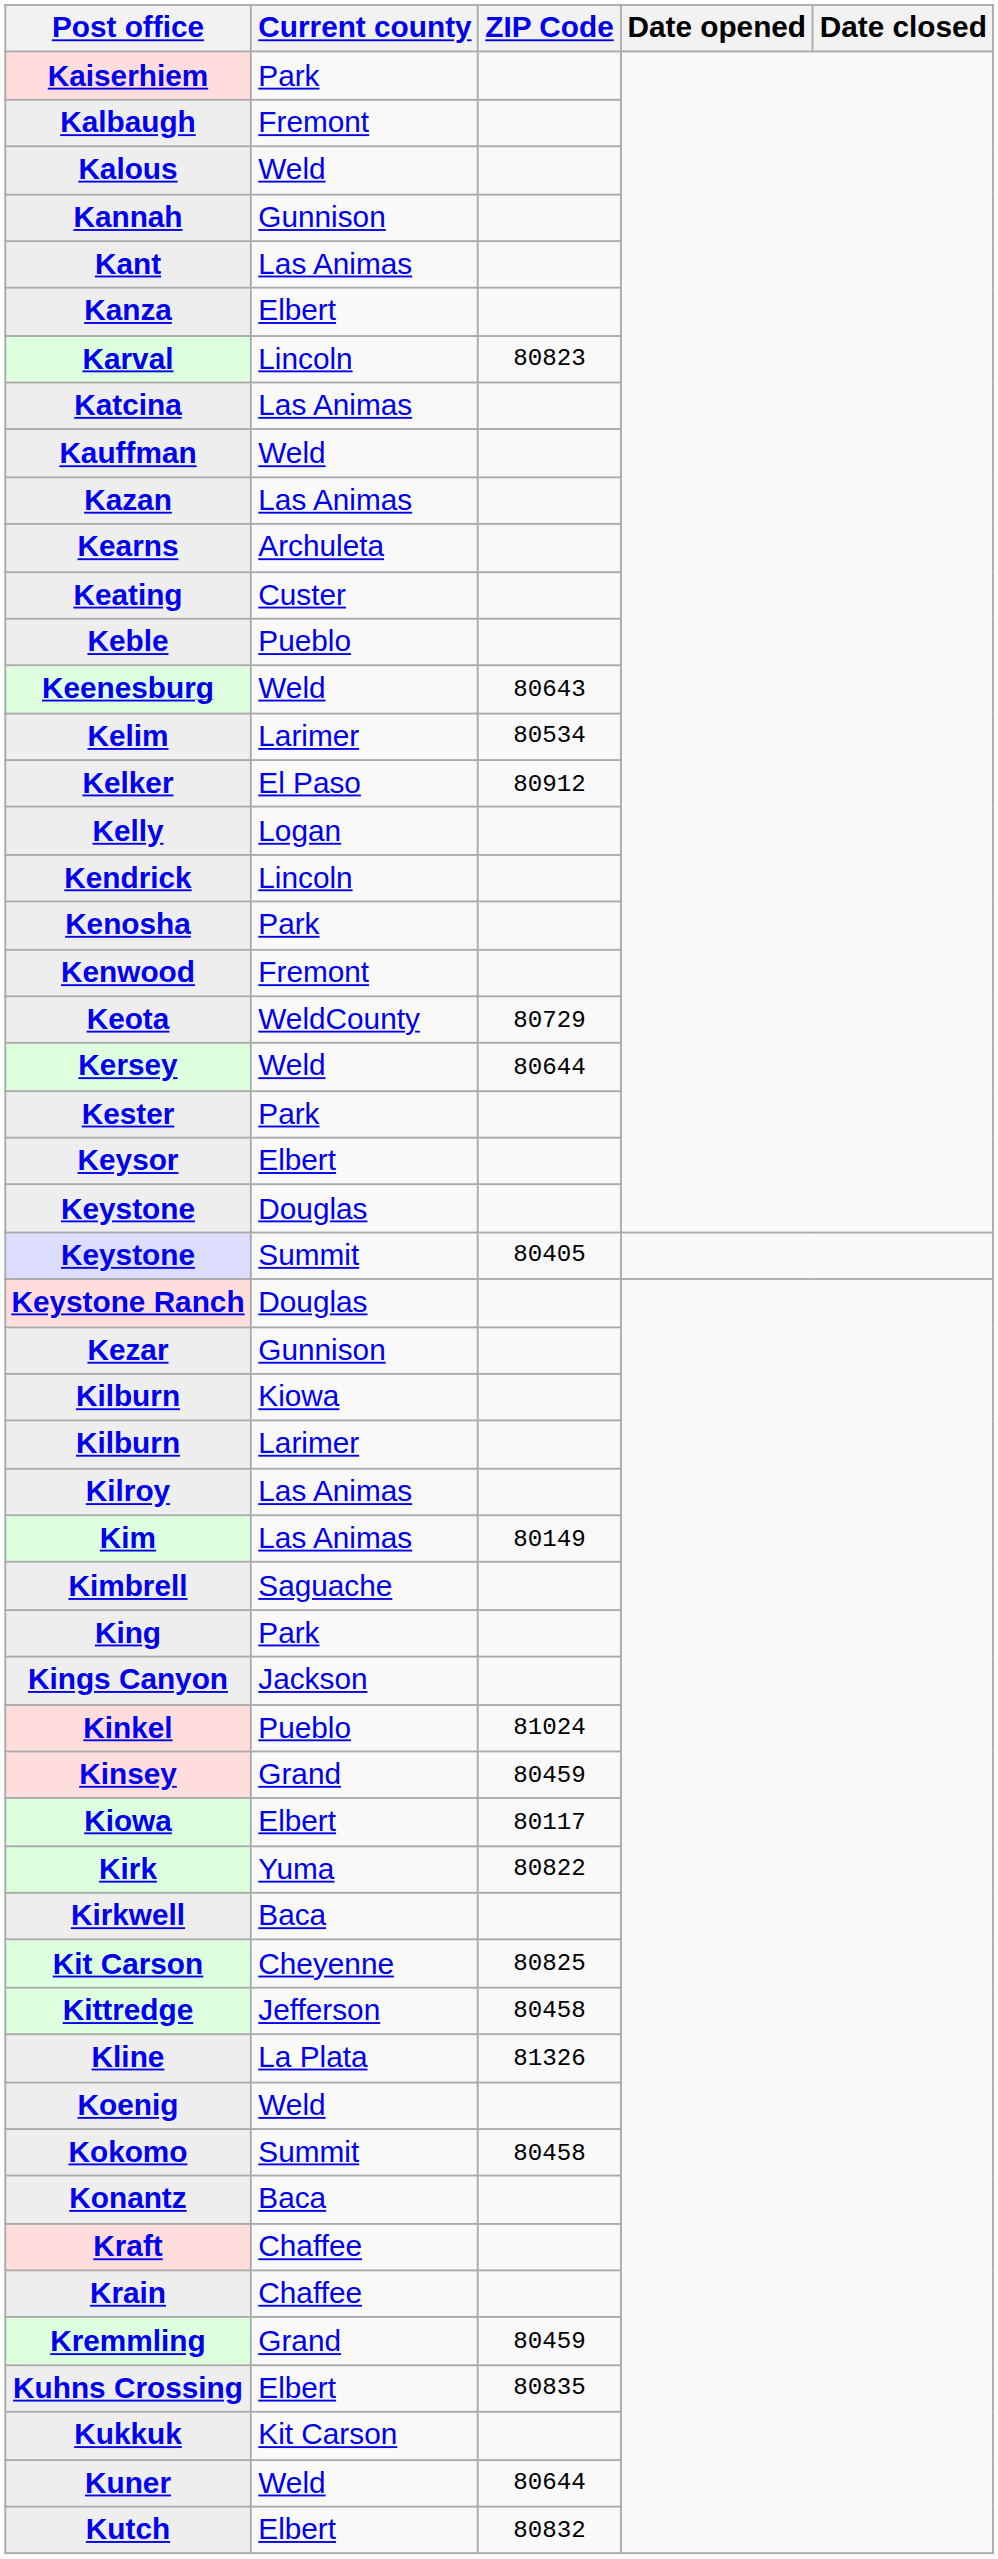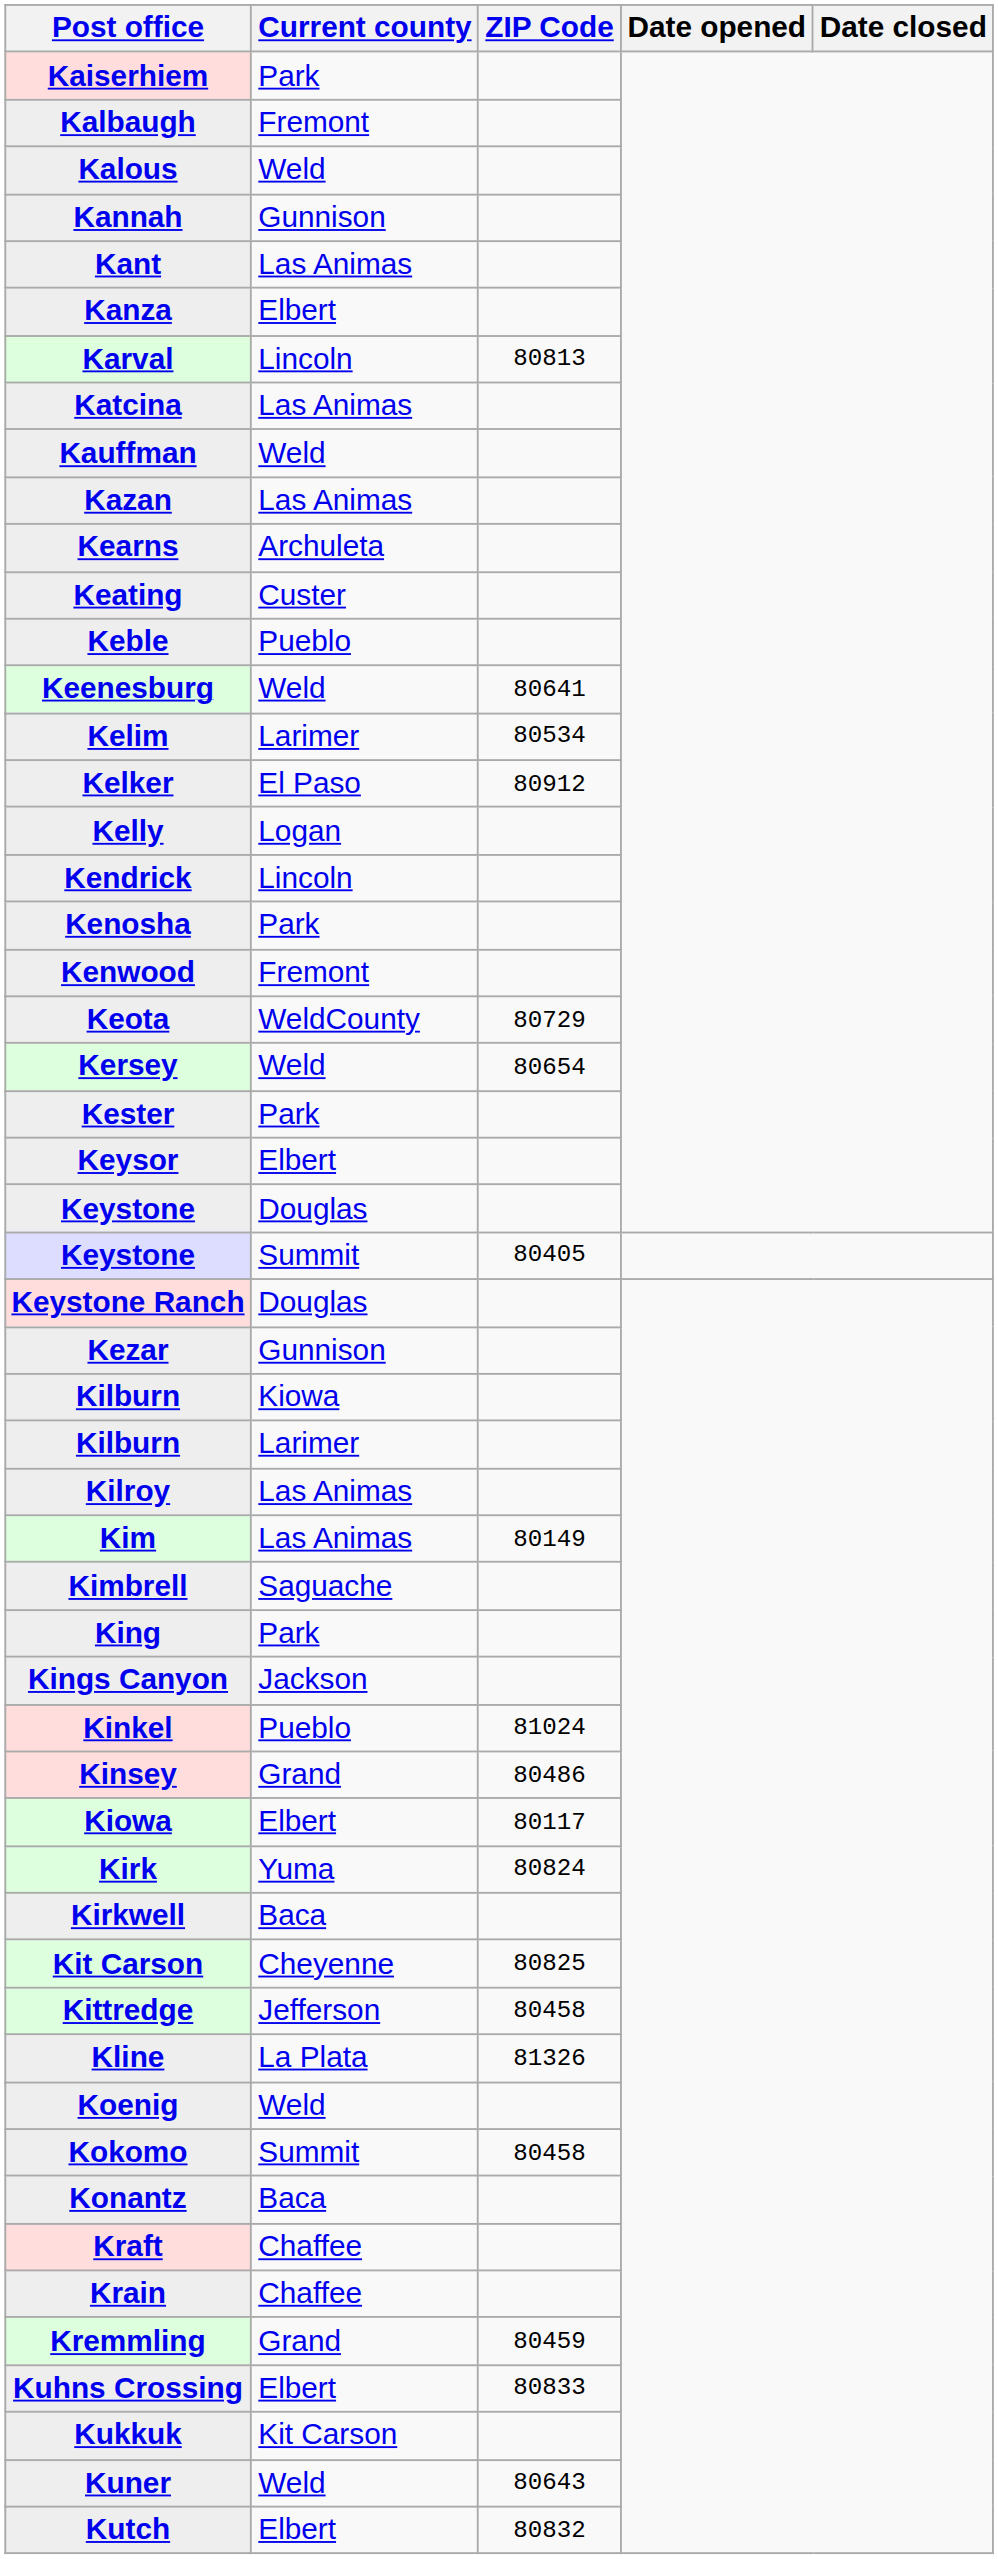 <table class="wikitable sortable  plainrowheaders" style="margin:auto;">
 <tr>
 <th scope=col><a href='#'>Post office</a></th>
 <th scope=col><a href='#'>Current county</a></th>
 <th scope=col><a href='#'>ZIP Code</a></th>
 <th scope=col>Date opened</th>
 <th scope=col>Date closed</th>
 </tr>
 <tr>
 <th scope=row rowspan=1 style="background-color:#FFDDDD;"><a href='#'>Kaiserhiem</a></th>
 <td rowspan=1><a href='#'>Park</a></td>
 <td rowspan=1 align=center style="font-family:monospace;"><br> </td>
 </tr>
 <tr>
 <th scope=row rowspan=1 style="background-color:#EEEEEE;"><a href='#'>Kalbaugh</a></th>
 <td rowspan=1><a href='#'>Fremont</a></td>
 <td rowspan=1 align=center style="font-family:monospace;"><br> </td>
 </tr>
 <tr>
 <th scope=row rowspan=1 style="background-color:#EEEEEE;"><a href='#'>Kalous</a></th>
 <td rowspan=1><a href='#'>Weld</a></td>
 <td rowspan=1 align=center style="font-family:monospace;"><br> </td>
 </tr>
 <tr>
 <th scope=row rowspan=1 style="background-color:#EEEEEE;"><a href='#'>Kannah</a></th>
 <td rowspan=1><a href='#'>Gunnison</a></td>
 <td rowspan=1 align=center style="font-family:monospace;"><br> </td>
 </tr>
 <tr>
 <th scope=row rowspan=1 style="background-color:#EEEEEE;"><a href='#'>Kant</a></th>
 <td rowspan=1><a href='#'>Las Animas</a></td>
 <td rowspan=1 align=center style="font-family:monospace;"><br> </td>
 </tr>
 <tr>
 <th scope=row rowspan=1 style="background-color:#EEEEEE;"><a href='#'>Kanza</a></th>
 <td rowspan=1><a href='#'>Elbert</a></td>
 <td rowspan=1 align=center style="font-family:monospace;"><br> </td>
 </tr>
 <tr>
 <th scope=row rowspan=1 style="background-color:#DDFFDD;"><a href='#'>Karval</a></th>
 <td rowspan=1><a href='#'>Lincoln</a></td>
-<td rowspan=1 align=center style="font-family:monospace;">80823<br> </td>
+<td rowspan=1 align=center style="font-family:monospace;">80813<br> </td>
 </tr>
 <tr>
 <th scope=row rowspan=1 style="background-color:#EEEEEE;"><a href='#'>Katcina</a></th>
 <td rowspan=1><a href='#'>Las Animas</a></td>
 <td rowspan=1 align=center style="font-family:monospace;"><br> </td>
 </tr>
 <tr>
 <th scope=row rowspan=1 style="background-color:#EEEEEE;"><a href='#'>Kauffman</a></th>
 <td rowspan=1><a href='#'>Weld</a></td>
 <td rowspan=1 align=center style="font-family:monospace;"><br> </td>
 </tr>
 <tr>
 <th scope=row rowspan=1 style="background-color:#EEEEEE;"><a href='#'>Kazan</a></th>
 <td rowspan=1><a href='#'>Las Animas</a></td>
 <td rowspan=1 align=center style="font-family:monospace;"><br> </td>
 </tr>
 <tr>
 <th scope=row rowspan=2 style="background-color:#EEEEEE;"><a href='#'>Kearns</a></th>
 <td rowspan=2><a href='#'>Archuleta</a></td>
 <td rowspan=2 align=center style="font-family:monospace;"><br> </td>
 </tr>
 <tr>
 </tr>
 <tr>
 <th scope=row rowspan=1 style="background-color:#EEEEEE;"><a href='#'>Keating</a></th>
 <td rowspan=1><a href='#'>Custer</a></td>
 <td rowspan=1 align=center style="font-family:monospace;"><br> </td>
 </tr>
 <tr>
 <th scope=row rowspan=1 style="background-color:#EEEEEE;"><a href='#'>Keble</a></th>
 <td rowspan=1><a href='#'>Pueblo</a></td>
 <td rowspan=1 align=center style="font-family:monospace;"><br> </td>
 </tr>
 <tr>
 <th scope=row rowspan=1 style="background-color:#DDFFDD;"><a href='#'>Keenesburg</a></th>
 <td rowspan=1><a href='#'>Weld</a></td>
-<td rowspan=1 align=center style="font-family:monospace;">80643<br> </td>
+<td rowspan=1 align=center style="font-family:monospace;">80641<br> </td>
 </tr>
 <tr>
 <th scope=row rowspan=2 style="background-color:#EEEEEE;"><a href='#'>Kelim</a></th>
 <td rowspan=2><a href='#'>Larimer</a></td>
 <td rowspan=2 align=center style="font-family:monospace;">80534<br> </td>
 </tr>
 <tr>
 </tr>
 <tr>
 <th scope=row rowspan=1 style="background-color:#EEEEEE;"><a href='#'>Kelker</a></th>
 <td rowspan=1><a href='#'>El Paso</a></td>
 <td rowspan=1 align=center style="font-family:monospace;">80912<br> </td>
 </tr>
 <tr>
 <th scope=row rowspan=2 style="background-color:#EEEEEE;"><a href='#'>Kelly</a></th>
 <td rowspan=2><a href='#'>Logan</a></td>
 <td rowspan=2 align=center style="font-family:monospace;"><br> </td>
 </tr>
 <tr>
 </tr>
 <tr>
 <th scope=row rowspan=1 style="background-color:#EEEEEE;"><a href='#'>Kendrick</a></th>
 <td rowspan=1><a href='#'>Lincoln</a></td>
 <td rowspan=1 align=center style="font-family:monospace;"><br> </td>
 </tr>
 <tr>
 <th scope=row rowspan=1 style="background-color:#EEEEEE;"><a href='#'>Kenosha</a></th>
 <td rowspan=1><a href='#'>Park</a></td>
 <td rowspan=1 align=center style="font-family:monospace;"><br> </td>
 </tr>
 <tr>
 <th scope=row rowspan=1 style="background-color:#EEEEEE;"><a href='#'>Kenwood</a></th>
 <td rowspan=1><a href='#'>Fremont</a></td>
 <td rowspan=1 align=center style="font-family:monospace;"><br> </td>
 </tr>
 <tr>
 <th scope=row rowspan=2 style="background-color:#EEEEEE;"><a href='#'>Keota</a></th>
 <td rowspan=2><a href='#'>WeldCounty</a></td>
 <td rowspan=2 align=center style="font-family:monospace;">80729<br> </td>
 </tr>
 <tr>
 </tr>
 <tr>
 <th scope=row rowspan=1 style="background-color:#DDFFDD;"><a href='#'>Kersey</a></th>
 <td rowspan=1><a href='#'>Weld</a></td>
-<td rowspan=1 align=center style="font-family:monospace;">80644<br> </td>
+<td rowspan=1 align=center style="font-family:monospace;">80654<br> </td>
 </tr>
 <tr>
 <th scope=row rowspan=2 style="background-color:#EEEEEE;"><a href='#'>Kester</a></th>
 <td rowspan=2><a href='#'>Park</a></td>
 <td rowspan=2 align=center style="font-family:monospace;"><br> </td>
 </tr>
 <tr>
 </tr>
 <tr>
 <th scope=row rowspan=1 style="background-color:#EEEEEE;"><a href='#'>Keysor</a></th>
 <td rowspan=1><a href='#'>Elbert</a></td>
 <td rowspan=1 align=center style="font-family:monospace;"><br> </td>
 </tr>
 <tr>
 <th scope=row rowspan=1 style="background-color:#EEEEEE;"><a href='#'>Keystone</a></th>
 <td rowspan=1><a href='#'>Douglas</a></td>
 <td rowspan=1 align=center style="font-family:monospace;"><br> </td>
 </tr>
 <tr>
 <th scope=row rowspan=1 style="background-color:#DDDDFF;"><a href='#'>Keystone</a></th>
 <td rowspan=1><a href='#'>Summit</a></td>
 <td rowspan=1 align=center style="font-family:monospace;">80405</td>
 <td colspan=2></td>
 </tr>
 <tr>
 <th scope=row rowspan=1 style="background-color:#FFDDDD;"><a href='#'>Keystone Ranch</a></th>
 <td rowspan=1><a href='#'>Douglas</a></td>
 <td rowspan=1 align=center style="font-family:monospace;"><br> </td>
 </tr>
 <tr>
 <th scope=row rowspan=1 style="background-color:#EEEEEE;"><a href='#'>Kezar</a></th>
 <td rowspan=1><a href='#'>Gunnison</a></td>
 <td rowspan=1 align=center style="font-family:monospace;"><br> </td>
 </tr>
 <tr>
 <th scope=row rowspan=1 style="background-color:#EEEEEE;"><a href='#'>Kilburn</a></th>
 <td rowspan=1><a href='#'>Kiowa</a></td>
 <td rowspan=1 align=center style="font-family:monospace;"><br> </td>
 </tr>
 <tr>
 <th scope=row rowspan=1 style="background-color:#EEEEEE;"><a href='#'>Kilburn</a></th>
 <td rowspan=1><a href='#'>Larimer</a></td>
 <td rowspan=1 align=center style="font-family:monospace;"><br> </td>
 </tr>
 <tr>
 <th scope=row rowspan=1 style="background-color:#EEEEEE;"><a href='#'>Kilroy</a></th>
 <td rowspan=1><a href='#'>Las Animas</a></td>
 <td rowspan=1 align=center style="font-family:monospace;"><br> </td>
 </tr>
 <tr>
 <th scope=row rowspan=1 style="background-color:#DDFFDD;"><a href='#'>Kim</a></th>
 <td rowspan=1><a href='#'>Las Animas</a></td>
 <td rowspan=1 align=center style="font-family:monospace;">80149<br> </td>
 </tr>
 <tr>
 <th scope=row rowspan=1 style="background-color:#EEEEEE;"><a href='#'>Kimbrell</a></th>
 <td rowspan=1><a href='#'>Saguache</a></td>
 <td rowspan=1 align=center style="font-family:monospace;"><br> </td>
 </tr>
 <tr>
 <th scope=row rowspan=1 style="background-color:#EEEEEE;"><a href='#'>King</a></th>
 <td rowspan=1><a href='#'>Park</a></td>
 <td rowspan=1 align=center style="font-family:monospace;"><br> </td>
 </tr>
 <tr>
 <th scope=row rowspan=1 style="background-color:#EEEEEE;"><a href='#'>Kings Canyon</a></th>
 <td rowspan=1><a href='#'>Jackson</a></td>
 <td rowspan=1 align=center style="font-family:monospace;"><br> </td>
 </tr>
 <tr>
 <th scope=row rowspan=1 style="background-color:#FFDDDD;"><a href='#'>Kinkel</a></th>
 <td rowspan=1><a href='#'>Pueblo</a></td>
 <td rowspan=1 align=center style="font-family:monospace;">81024<br> </td>
 </tr>
 <tr>
 <th scope=row rowspan=1 style="background-color:#FFDDDD;"><a href='#'>Kinsey</a></th>
 <td rowspan=1><a href='#'>Grand</a></td>
-<td rowspan=1 align=center style="font-family:monospace;">80459<br> </td>
+<td rowspan=1 align=center style="font-family:monospace;">80486<br> </td>
 </tr>
 <tr>
 <th scope=row rowspan=1 style="background-color:#DDFFDD;"><a href='#'>Kiowa</a></th>
 <td rowspan=1><a href='#'>Elbert</a></td>
 <td rowspan=1 align=center style="font-family:monospace;">80117<br> </td>
 </tr>
 <tr>
 <th scope=row rowspan=1 style="background-color:#DDFFDD;"><a href='#'>Kirk</a></th>
 <td rowspan=1><a href='#'>Yuma</a></td>
-<td rowspan=1 align=center style="font-family:monospace;">80822<br> </td>
+<td rowspan=1 align=center style="font-family:monospace;">80824<br> </td>
 </tr>
 <tr>
 <th scope=row rowspan=1 style="background-color:#EEEEEE;"><a href='#'>Kirkwell</a></th>
 <td rowspan=1><a href='#'>Baca</a></td>
 <td rowspan=1 align=center style="font-family:monospace;"><br> </td>
 </tr>
 <tr>
 <th scope=row rowspan=2 style="background-color:#DDFFDD;"><a href='#'>Kit Carson</a></th>
 <td rowspan=2><a href='#'>Cheyenne</a></td>
 <td rowspan=2 align=center style="font-family:monospace;">80825<br> </td>
 </tr>
 <tr>
 </tr>
 <tr>
 <th scope=row rowspan=1 style="background-color:#DDFFDD;"><a href='#'>Kittredge</a></th>
 <td rowspan=1><a href='#'>Jefferson</a></td>
 <td rowspan=1 align=center style="font-family:monospace;">80458<br> </td>
 </tr>
 <tr>
 <th scope=row rowspan=1 style="background-color:#EEEEEE;"><a href='#'>Kline</a></th>
 <td rowspan=1><a href='#'>La Plata</a></td>
 <td rowspan=1 align=center style="font-family:monospace;">81326<br> </td>
 </tr>
 <tr>
 <th scope=row rowspan=2 style="background-color:#EEEEEE;"><a href='#'>Koenig</a></th>
 <td rowspan=2><a href='#'>Weld</a></td>
 <td rowspan=2 align=center style="font-family:monospace;"><br> </td>
 </tr>
 <tr>
 </tr>
 <tr>
 <th scope=row rowspan=1 style="background-color:#EEEEEE;"><a href='#'>Kokomo</a></th>
 <td rowspan=1><a href='#'>Summit</a></td>
 <td rowspan=1 align=center style="font-family:monospace;">80458<br> </td>
 </tr>
 <tr>
 <th scope=row rowspan=2 style="background-color:#EEEEEE;"><a href='#'>Konantz</a></th>
 <td rowspan=2><a href='#'>Baca</a></td>
 <td rowspan=2 align=center style="font-family:monospace;"><br> </td>
 </tr>
 <tr>
 </tr>
 <tr>
 <th scope=row rowspan=1 style="background-color:#FFDDDD;"><a href='#'>Kraft</a></th>
 <td rowspan=1><a href='#'>Chaffee</a></td>
 <td rowspan=1 align=center style="font-family:monospace;"><br> </td>
 </tr>
 <tr>
 <th scope=row rowspan=1 style="background-color:#EEEEEE;"><a href='#'>Krain</a></th>
 <td rowspan=1><a href='#'>Chaffee</a></td>
 <td rowspan=1 align=center style="font-family:monospace;"><br> </td>
 </tr>
 <tr>
 <th scope=row rowspan=2 style="background-color:#DDFFDD;"><a href='#'>Kremmling</a></th>
 <td rowspan=2><a href='#'>Grand</a></td>
 <td rowspan=2 align=center style="font-family:monospace;">80459<br> </td>
 </tr>
 <tr>
 </tr>
 <tr>
 <th scope=row rowspan=1 style="background-color:#EEEEEE;"><a href='#'>Kuhns Crossing</a></th>
 <td rowspan=1><a href='#'>Elbert</a></td>
-<td rowspan=1 align=center style="font-family:monospace;">80835<br> </td>
+<td rowspan=1 align=center style="font-family:monospace;">80833<br> </td>
 </tr>
 <tr>
 <th scope=row rowspan=1 style="background-color:#EEEEEE;"><a href='#'>Kukkuk</a></th>
 <td rowspan=1><a href='#'>Kit Carson</a></td>
 <td rowspan=1 align=center style="font-family:monospace;"><br> </td>
 </tr>
 <tr>
 <th scope=row rowspan=1 style="background-color:#EEEEEE;"><a href='#'>Kuner</a></th>
 <td rowspan=1><a href='#'>Weld</a></td>
-<td rowspan=1 align=center style="font-family:monospace;">80644<br> </td>
+<td rowspan=1 align=center style="font-family:monospace;">80643<br> </td>
 </tr>
 <tr>
 <th scope=row rowspan=2 style="background-color:#EEEEEE;"><a href='#'>Kutch</a></th>
 <td rowspan=2><a href='#'>Elbert</a></td>
 <td rowspan=2 align=center style="font-family:monospace;">80832<br> </td>
 </tr>
 <tr>
 </tr>
 </table>
